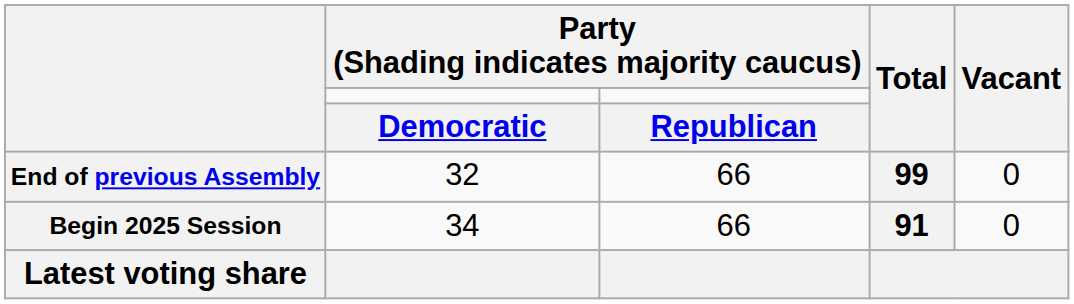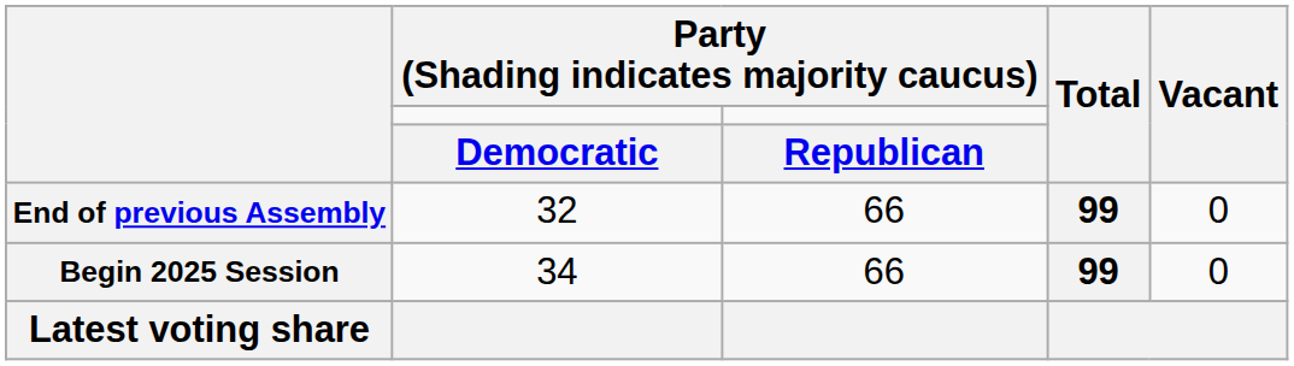 <table class="wikitable" style="text-align:center">
 <tr>
 <th rowspan="3"></th>
 <th colspan="2">Party <div>(Shading indicates majority caucus)</div></th>
 <th rowspan="3">Total</th>
 <th rowspan="3">Vacant</th>
 </tr>
 <tr style="height:5px">
 <td style="background-color:"></td>
 <td style="background-color:"></td>
 </tr>
 <tr>
 <th><a href='#'>Democratic</a></th>
 <th><a href='#'>Republican</a></th>
 </tr>
 <tr>
 <th nowrap="" style="font-size:80%">End of <a href='#'>previous Assembly</a></th>
 <td>32</td>
 <td>66</td>
 <th>99</th>
 <td>0</td>
 </tr>
 <tr>
 <th nowrap="" style="font-size:80%">Begin 2025 Session</th>
 <td>34</td>
 <td>66</td>
-<th>91</th>
+<th>99</th>
 <td>0</td>
 </tr>
 <tr>
 <th>Latest voting share</th>
 <th></th>
 <th></th>
 <th colspan="2"></th>
 </tr>
 </table>
